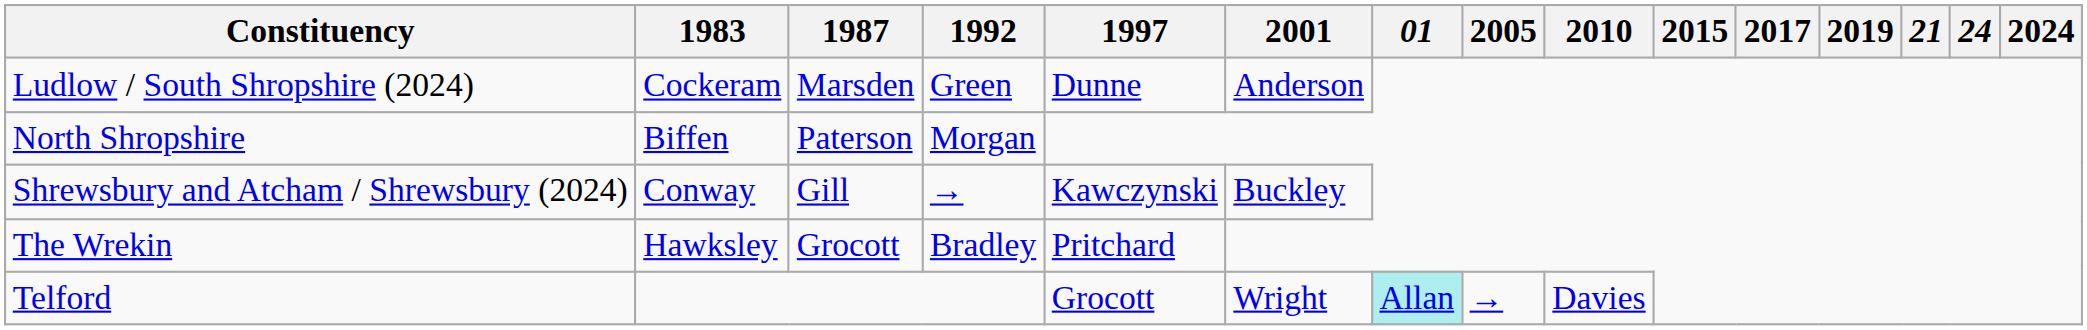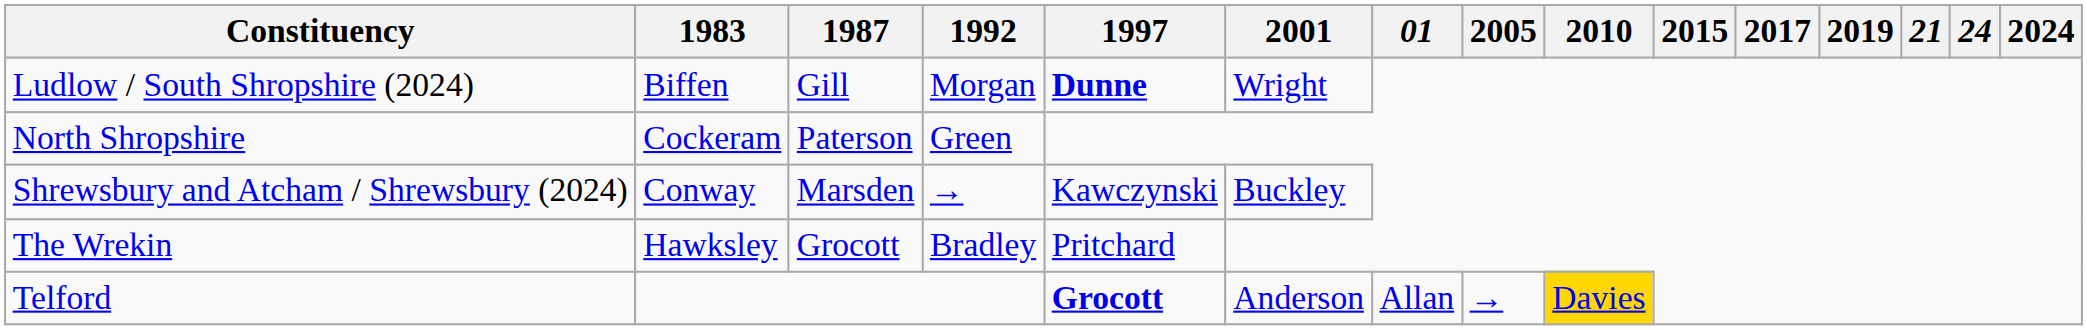 <table class="wikitable">
 <tr>
 <th>Constituency</th>
 <th>1983</th>
 <th>1987</th>
 <th>1992</th>
 <th>1997</th>
 <th>2001</th>
 <th><em>01</em></th>
 <th>2005</th>
 <th>2010</th>
 <th>2015</th>
 <th>2017</th>
 <th>2019</th>
 <th><em>21</em></th>
 <th><em>24</em></th>
 <th>2024</th>
 </tr>
 <tr>
 <td><a href='#'>Ludlow</a> / <a href='#'>South Shropshire</a> (2024)</td>
-<td><a href='#'>Cockeram</a></td>
-<td><a href='#'>Marsden</a></td>
-<td><a href='#'>Green</a></td>
-<td><a href='#'>Dunne</a></td>
-<td><a href='#'>Anderson</a></td>
+<td><a href='#'>Biffen</a></td>
+<td><a href='#'>Gill</a></td>
+<td><a href='#'>Morgan</a></td>
+<td><strong><a href='#'>Dunne</a></strong></td>
+<td><a href='#'>Wright</a></td>
 </tr>
 <tr>
 <td><a href='#'>North Shropshire</a></td>
-<td><a href='#'>Biffen</a></td>
+<td><a href='#'>Cockeram</a></td>
 <td><a href='#'>Paterson</a></td>
-<td><a href='#'>Morgan</a></td>
+<td><a href='#'>Green</a></td>
 </tr>
 <tr>
 <td><a href='#'>Shrewsbury and Atcham</a> / <a href='#'>Shrewsbury</a> (2024)</td>
 <td><a href='#'>Conway</a></td>
-<td><a href='#'>Gill</a></td>
+<td><a href='#'>Marsden</a></td>
 <td><a href='#'>→</a></td>
 <td><a href='#'>Kawczynski</a></td>
 <td><a href='#'>Buckley</a></td>
 </tr>
 <tr>
 <td><a href='#'>The Wrekin</a></td>
 <td><a href='#'>Hawksley</a></td>
 <td><a href='#'>Grocott</a></td>
 <td><a href='#'>Bradley</a></td>
 <td><a href='#'>Pritchard</a></td>
 </tr>
 <tr>
 <td><a href='#'>Telford</a></td>
 <td colspan="3"></td>
-<td><a href='#'>Grocott</a></td>
-<td><a href='#'>Wright</a></td>
-<td style="background: paleturquoise;"><a href='#'>Allan</a></td>
+<td><strong><a href='#'>Grocott</a></strong></td>
+<td><a href='#'>Anderson</a></td>
+<td><a href='#'>Allan</a></td>
 <td><a href='#'>→</a></td>
-<td><a href='#'>Davies</a></td>
+<td style="background: gold;"><a href='#'>Davies</a></td>
 </tr>
 </table>
